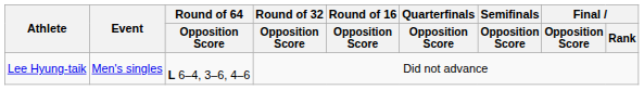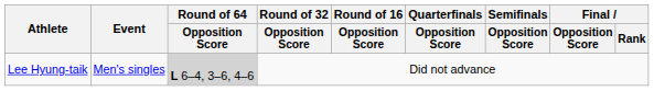 <table class=wikitable style="font-size:90%">
 <tr>
 <th rowspan="2">Athlete</th>
 <th rowspan="2">Event</th>
 <th>Round of 64</th>
 <th>Round of 32</th>
 <th>Round of 16</th>
 <th>Quarterfinals</th>
 <th>Semifinals</th>
 <th colspan=2>Final / </th>
 </tr>
 <tr style="font-size:95%">
 <th>Opposition<br>Score</th>
 <th>Opposition<br>Score</th>
 <th>Opposition<br>Score</th>
 <th>Opposition<br>Score</th>
 <th>Opposition<br>Score</th>
 <th>Opposition<br>Score</th>
 <th>Rank</th>
 </tr>
 <tr align=center>
 <td align=left><a href='#'>Lee Hyung-taik</a></td>
 <td align=left><a href='#'>Men's singles</a></td>
-<td><br><strong>L</strong> 6–4, 3–6, 4–6</td>
+<td style="background: lightgrey;"><br><strong>L</strong> 6–4, 3–6, 4–6</td>
 <td colspan=6>Did not advance</td>
 </tr>
 </table>
